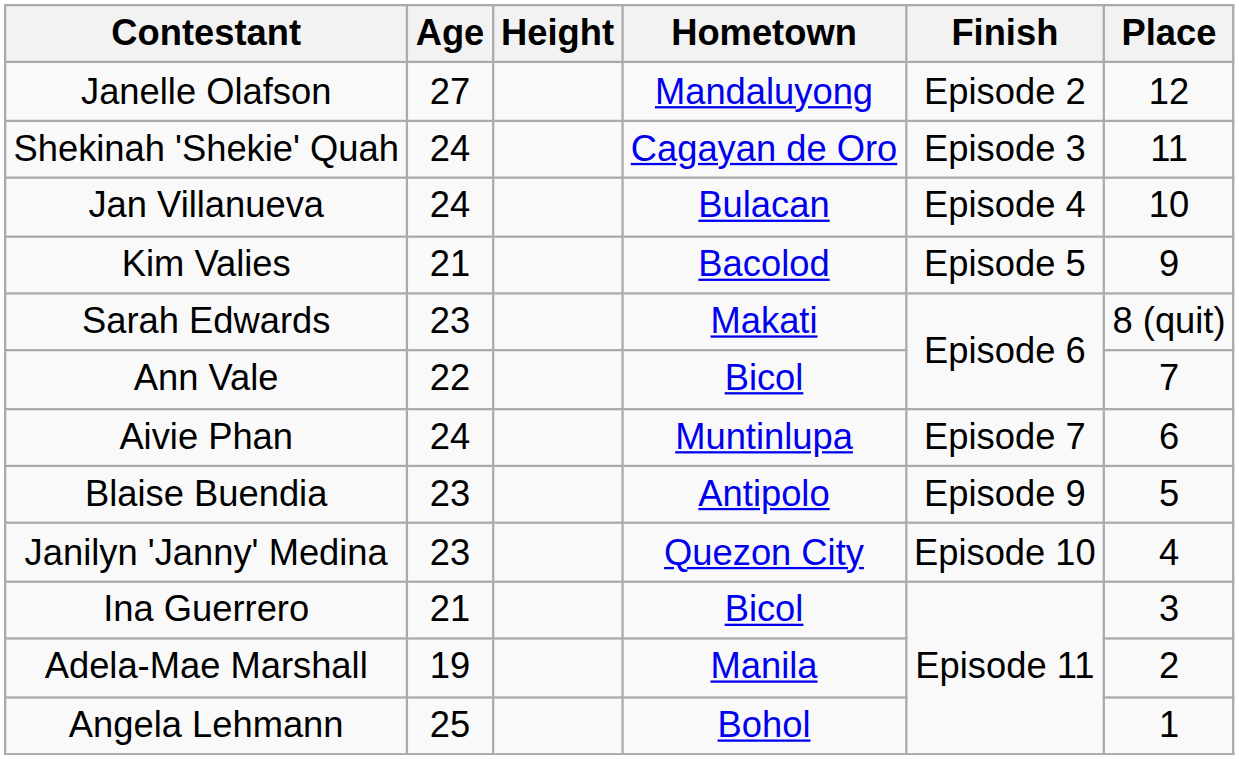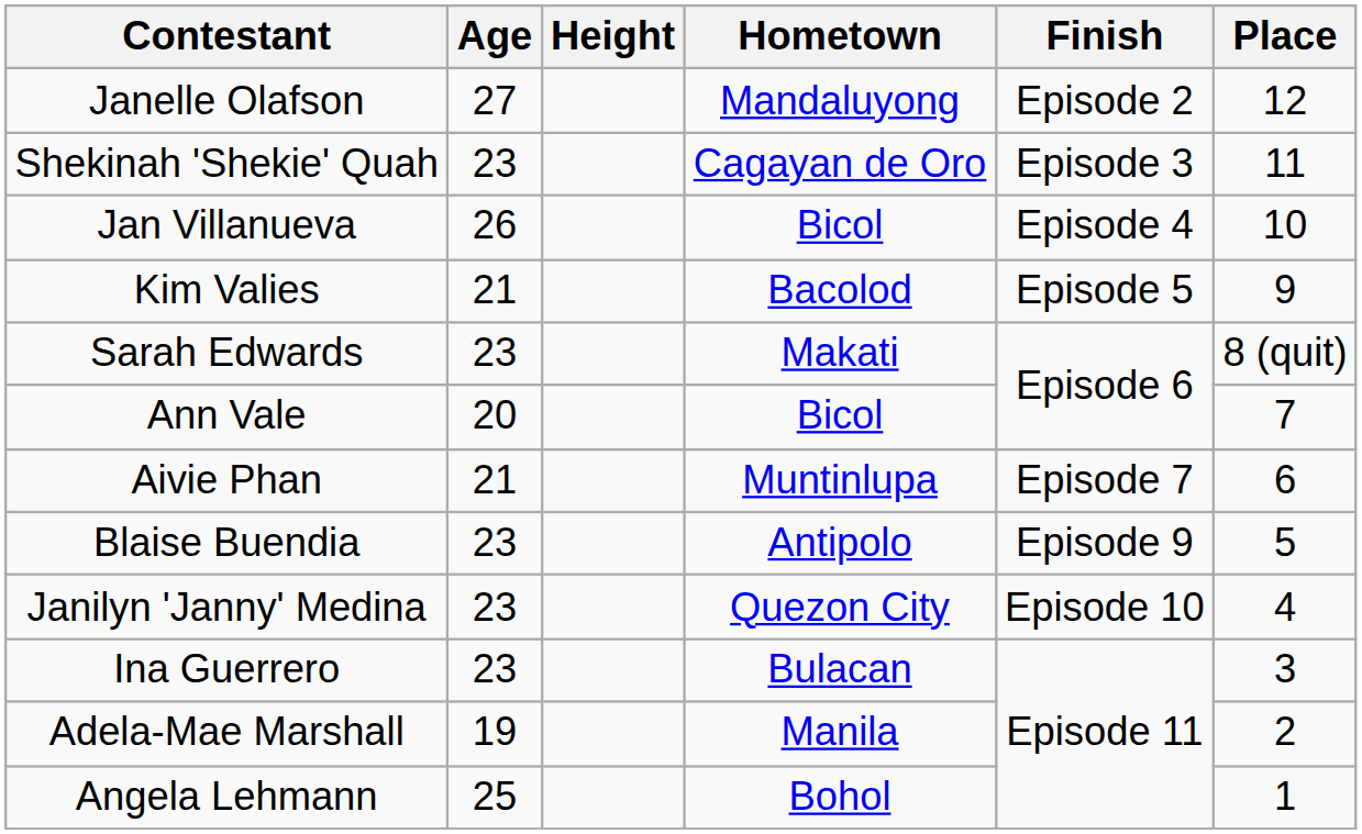 <table class="wikitable sortable" style="text-align:center;">
 <tr>
 <th>Contestant</th>
 <th>Age</th>
 <th>Height</th>
 <th>Hometown</th>
 <th>Finish</th>
 <th>Place</th>
 </tr>
 <tr>
 <td>Janelle Olafson</td>
 <td>27</td>
 <td></td>
 <td><a href='#'>Mandaluyong</a></td>
 <td>Episode 2</td>
 <td>12</td>
 </tr>
 <tr>
 <td>Shekinah 'Shekie' Quah</td>
-<td>24</td>
+<td>23</td>
 <td></td>
 <td><a href='#'>Cagayan de Oro</a></td>
 <td>Episode 3</td>
 <td>11</td>
 </tr>
 <tr>
 <td>Jan Villanueva</td>
-<td>24</td>
+<td>26</td>
 <td></td>
-<td><a href='#'>Bulacan</a></td>
+<td><a href='#'>Bicol</a></td>
 <td>Episode 4</td>
 <td>10</td>
 </tr>
 <tr>
 <td>Kim Valies</td>
 <td>21</td>
 <td></td>
 <td><a href='#'>Bacolod</a></td>
 <td>Episode 5</td>
 <td>9</td>
 </tr>
 <tr>
 <td>Sarah Edwards</td>
 <td>23</td>
 <td></td>
 <td><a href='#'>Makati</a></td>
 <td rowspan="2">Episode 6</td>
 <td>8 (quit)</td>
 </tr>
 <tr>
 <td>Ann Vale</td>
-<td>22</td>
+<td>20</td>
 <td></td>
 <td><a href='#'>Bicol</a></td>
 <td>7</td>
 </tr>
 <tr>
 <td>Aivie Phan</td>
-<td>24</td>
+<td>21</td>
 <td></td>
 <td><a href='#'>Muntinlupa</a></td>
 <td>Episode 7</td>
 <td>6</td>
 </tr>
 <tr>
 <td>Blaise Buendia</td>
 <td>23</td>
 <td></td>
 <td><a href='#'>Antipolo</a></td>
 <td>Episode 9</td>
 <td>5</td>
 </tr>
 <tr>
 <td>Janilyn 'Janny' Medina</td>
 <td>23</td>
 <td></td>
 <td><a href='#'>Quezon City</a></td>
 <td>Episode 10</td>
 <td>4</td>
 </tr>
 <tr>
 <td>Ina Guerrero</td>
-<td>21</td>
+<td>23</td>
 <td></td>
-<td><a href='#'>Bicol</a></td>
+<td><a href='#'>Bulacan</a></td>
 <td rowspan="3">Episode 11</td>
 <td>3</td>
 </tr>
 <tr>
 <td>Adela-Mae Marshall</td>
 <td>19</td>
 <td></td>
 <td><a href='#'>Manila</a></td>
 <td>2</td>
 </tr>
 <tr>
 <td>Angela Lehmann</td>
 <td>25</td>
 <td></td>
 <td><a href='#'>Bohol</a></td>
 <td>1</td>
 </tr>
 </table>
